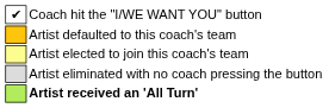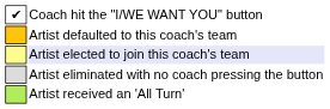 <table class="toccolours" style="font-size: 100%; white-space: nowrap">
 <tr>
 <td style="background:white; border:1px solid black"> ✔ </td>
 <td>Coach hit the "I/WE WANT YOU" button</td>
 </tr>
 <tr>
 <td style="background:#ffc40c; border:1px solid black">    </td>
 <td>Artist defaulted to this coach's team</td>
 </tr>
 <tr>
 <td style="background:#fdfc8f; border:1px solid black">    </td>
-<td>Artist elected to join this coach's team</td>
+<td style="background: lavender;">Artist elected to join this coach's team</td>
 </tr>
 <tr>
 <td style="background:#dcdcdc; border:1px solid black">    </td>
 <td>Artist eliminated with no coach pressing the button</td>
 </tr>
 <tr>
 <td style="background:#B2EC5D; border:1px solid black">    </td>
-<td><strong>Artist received an 'All Turn'</strong></td>
+<td>Artist received an 'All Turn'</td>
 </tr>
 </table>
